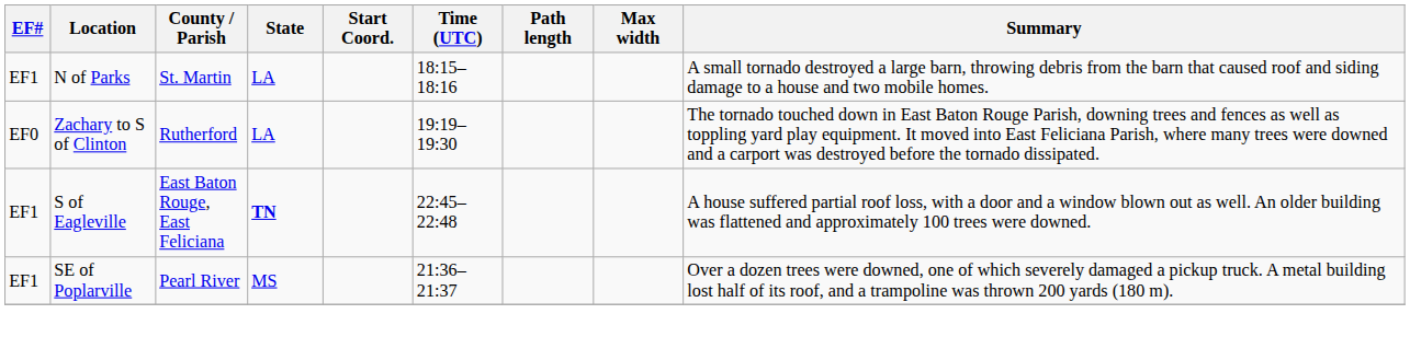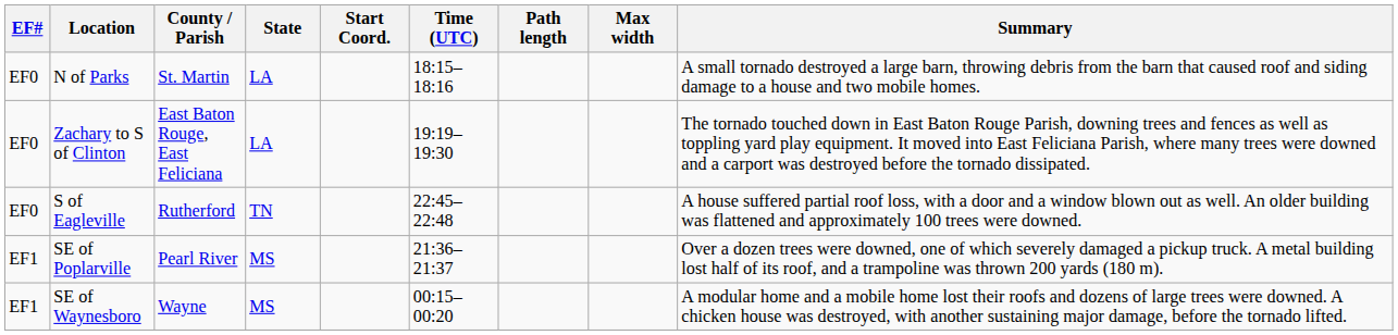 <table class="wikitable sortable" style="width:100%;">
 <tr>
 <th scope="col"  style="width:3%; text-align:center;"><a href='#'>EF#</a></th>
 <th scope="col"  style="width:7%; text-align:center;" class="unsortable">Location</th>
 <th scope="col"  style="width:6%; text-align:center;" class="unsortable">County / Parish</th>
 <th scope="col"  style="width:5%; text-align:center;">State</th>
 <th scope="col"  style="width:6%; text-align:center;">Start Coord.</th>
 <th scope="col"  style="width:6%; text-align:center;">Time (<a href='#'>UTC</a>)</th>
 <th scope="col"  style="width:6%; text-align:center;">Path length</th>
 <th scope="col"  style="width:6%; text-align:center;">Max width</th>
 <th scope="col" class="unsortable" style="width:48%; text-align:center;">Summary</th>
 </tr>
 <tr>
-<td>EF1</td>
+<td>EF0</td>
 <td>N of <a href='#'>Parks</a></td>
 <td><a href='#'>St. Martin</a></td>
 <td><a href='#'>LA</a></td>
 <td></td>
 <td>18:15–18:16</td>
 <td></td>
 <td></td>
 <td>A small tornado destroyed a large barn, throwing debris from the barn that caused roof and siding damage to a house and two mobile homes.</td>
 </tr>
 <tr>
 <td>EF0</td>
 <td><a href='#'>Zachary</a> to S of <a href='#'>Clinton</a></td>
-<td><a href='#'>Rutherford</a></td>
+<td><a href='#'>East Baton Rouge</a>, <a href='#'>East Feliciana</a></td>
 <td><a href='#'>LA</a></td>
 <td></td>
 <td>19:19–19:30</td>
 <td></td>
 <td></td>
 <td>The tornado touched down in East Baton Rouge Parish, downing trees and fences as well as toppling yard play equipment. It moved into East Feliciana Parish, where many trees were downed and a carport was destroyed before the tornado dissipated.</td>
 </tr>
 <tr>
-<td>EF1</td>
+<td>EF0</td>
 <td>S of <a href='#'>Eagleville</a></td>
-<td><a href='#'>East Baton Rouge</a>, <a href='#'>East Feliciana</a></td>
-<td><strong><a href='#'>TN</a></strong></td>
+<td><a href='#'>Rutherford</a></td>
+<td><a href='#'>TN</a></td>
 <td></td>
 <td>22:45–22:48</td>
 <td></td>
 <td></td>
 <td>A house suffered partial roof loss, with a door and a window blown out as well. An older building was flattened and approximately 100 trees were downed.</td>
 </tr>
 <tr>
 <td>EF1</td>
 <td>SE of <a href='#'>Poplarville</a></td>
 <td><a href='#'>Pearl River</a></td>
 <td><a href='#'>MS</a></td>
 <td></td>
 <td>21:36–21:37</td>
 <td></td>
 <td></td>
 <td>Over a dozen trees were downed, one of which severely damaged a pickup truck. A metal building lost half of its roof, and a trampoline was thrown 200 yards (180 m).</td>
 </tr>
 <tr>
+<td>EF1</td>
+<td>SE of <a href='#'>Waynesboro</a></td>
+<td><a href='#'>Wayne</a></td>
+<td><a href='#'>MS</a></td>
+<td></td>
+<td>00:15–00:20</td>
+<td></td>
+<td></td>
+<td>A modular home and a mobile home lost their roofs and dozens of large trees were downed. A chicken house was destroyed, with another sustaining major damage, before the tornado lifted.</td>
+</tr>
+<tr>
 </tr>
 </table>
